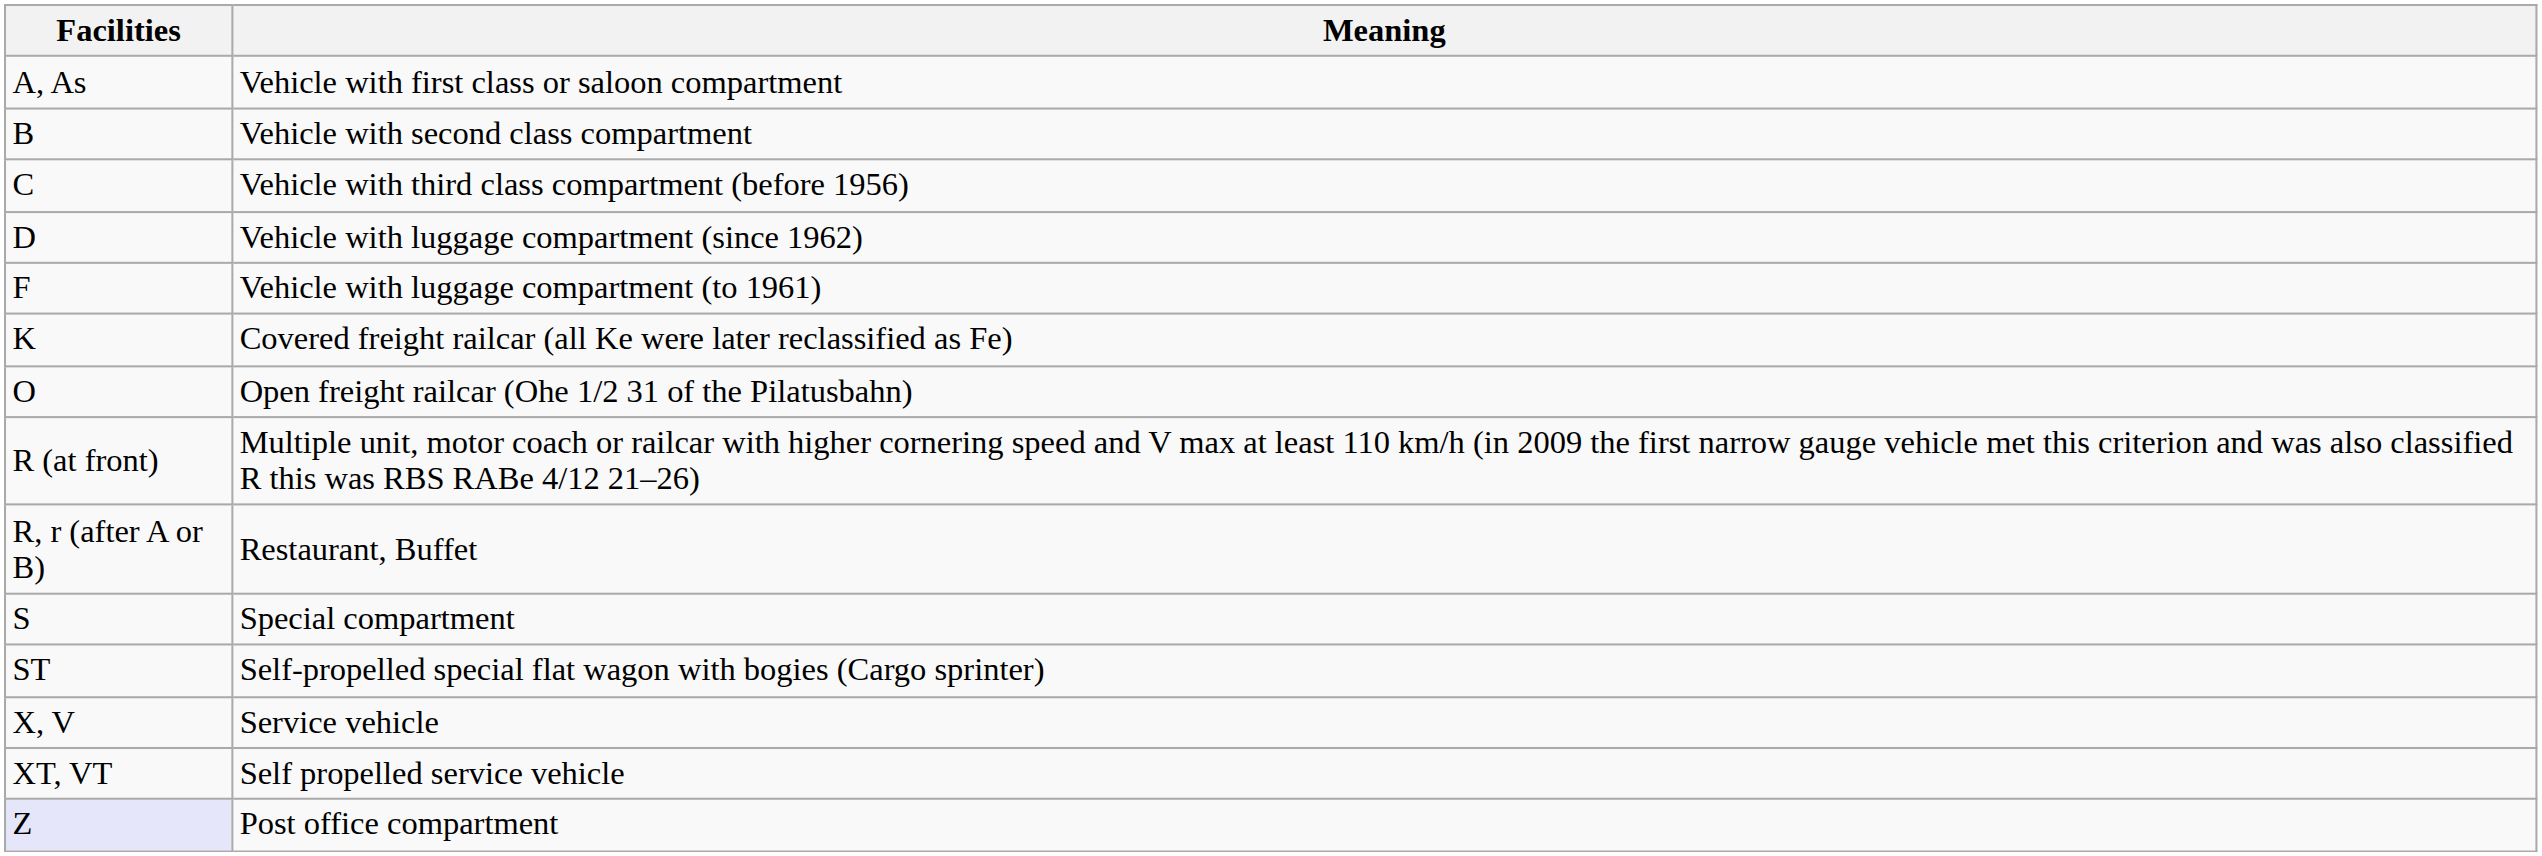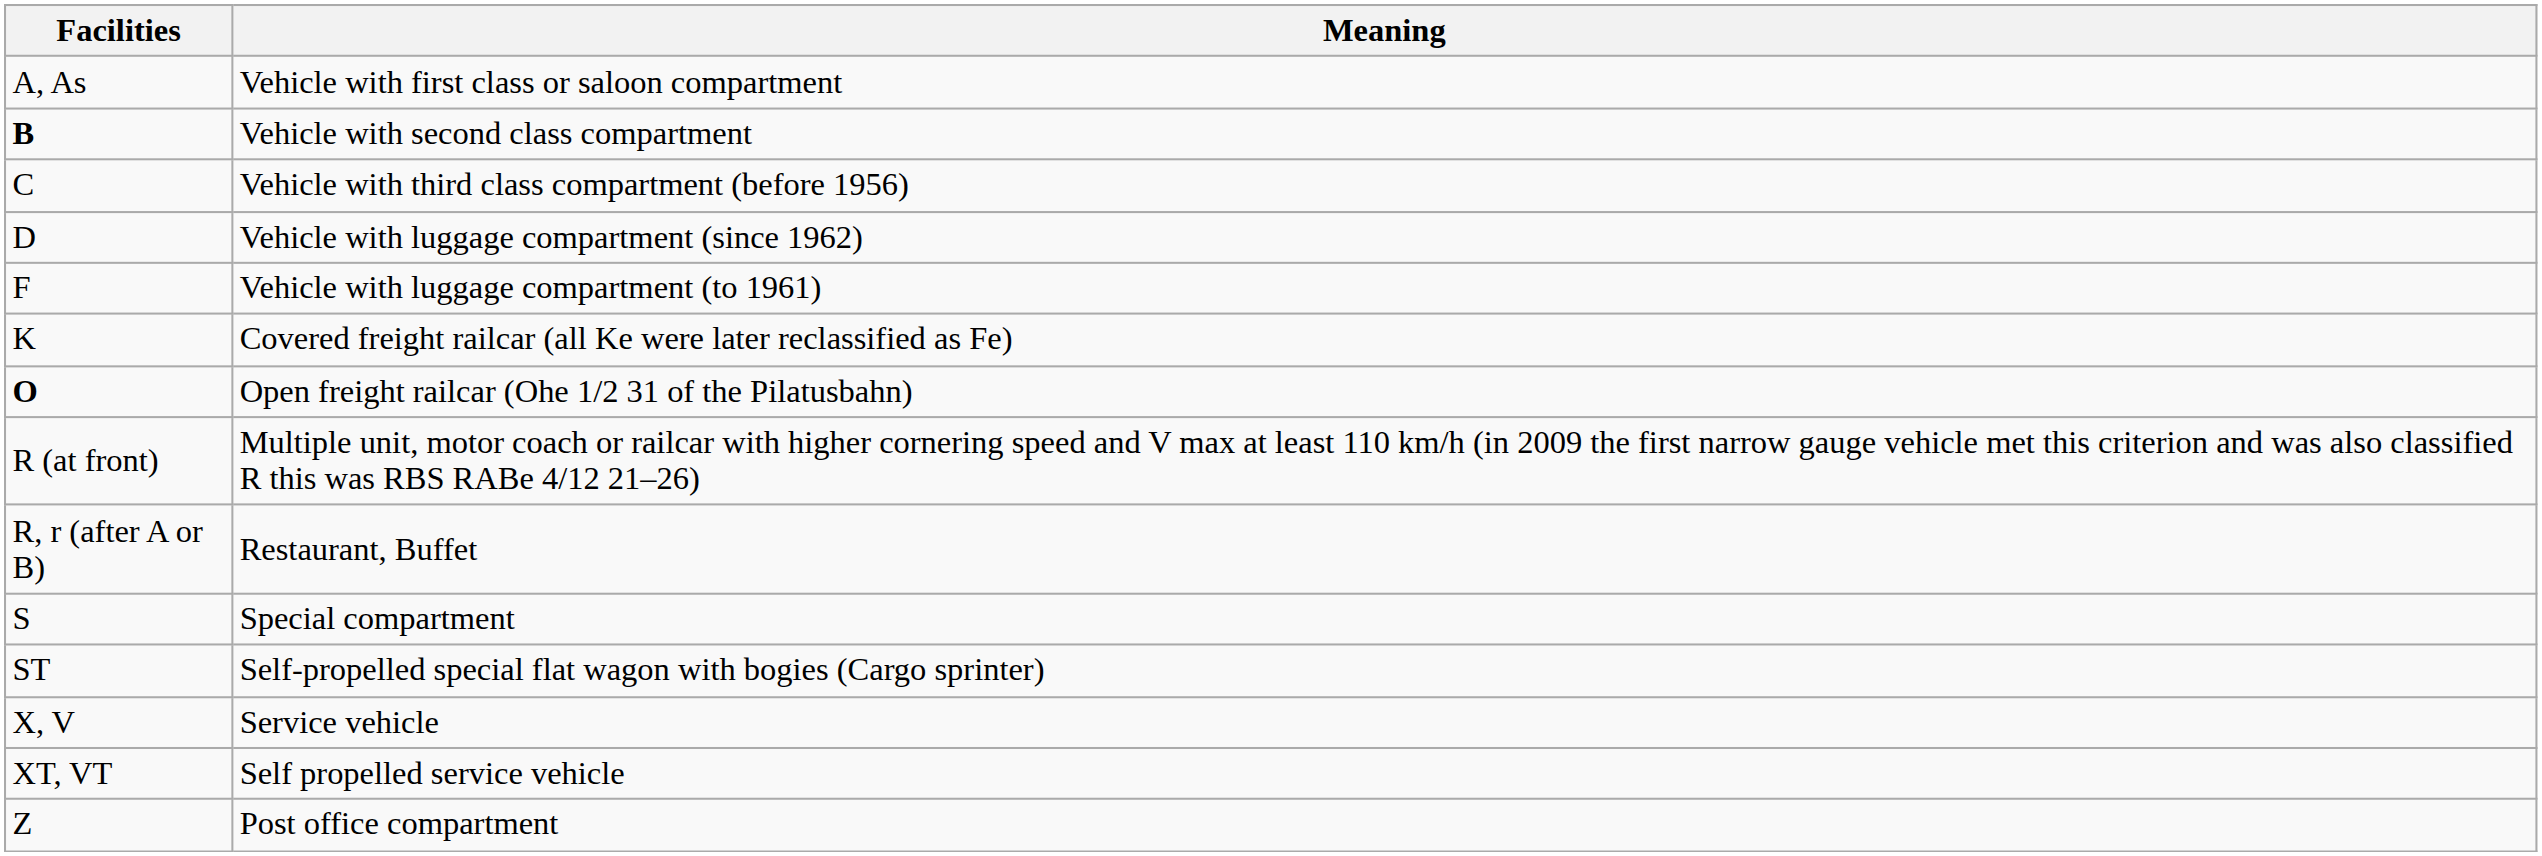 <table class="wikitable">
 <tr>
 <th>Facilities</th>
 <th>Meaning</th>
 </tr>
 <tr>
 <td>A, As</td>
 <td>Vehicle with first class or saloon compartment</td>
 </tr>
 <tr>
-<td>B</td>
+<td><strong>B</strong></td>
 <td>Vehicle with second class compartment</td>
 </tr>
 <tr>
 <td>C</td>
 <td>Vehicle with third class compartment (before 1956)</td>
 </tr>
 <tr>
 <td>D</td>
 <td>Vehicle with luggage compartment (since 1962)</td>
 </tr>
 <tr>
 <td>F</td>
 <td>Vehicle with luggage compartment (to 1961)</td>
 </tr>
 <tr>
 <td>K</td>
 <td>Covered freight railcar (all Ke were later reclassified as Fe)</td>
 </tr>
 <tr>
-<td>O</td>
+<td><strong>O</strong></td>
 <td>Open freight railcar (Ohe 1/2 31 of the Pilatusbahn)</td>
 </tr>
 <tr>
 <td>R (at front)</td>
 <td>Multiple unit, motor coach or railcar with higher cornering speed and V max at least 110 km/h (in 2009 the first narrow gauge vehicle met this criterion and was also classified R this was RBS RABe 4/12 21–26)</td>
 </tr>
 <tr>
 <td>R, r (after A or B)</td>
 <td>Restaurant, Buffet</td>
 </tr>
 <tr>
 <td>S</td>
 <td>Special compartment</td>
 </tr>
 <tr>
 <td>ST</td>
 <td>Self-propelled special flat wagon with bogies (Cargo sprinter)</td>
 </tr>
 <tr>
 <td>X, V</td>
 <td>Service vehicle</td>
 </tr>
 <tr>
 <td>XT, VT</td>
 <td>Self propelled service vehicle</td>
 </tr>
 <tr>
-<td style="background: lavender;">Z</td>
+<td>Z</td>
 <td>Post office compartment</td>
 </tr>
 </table>
